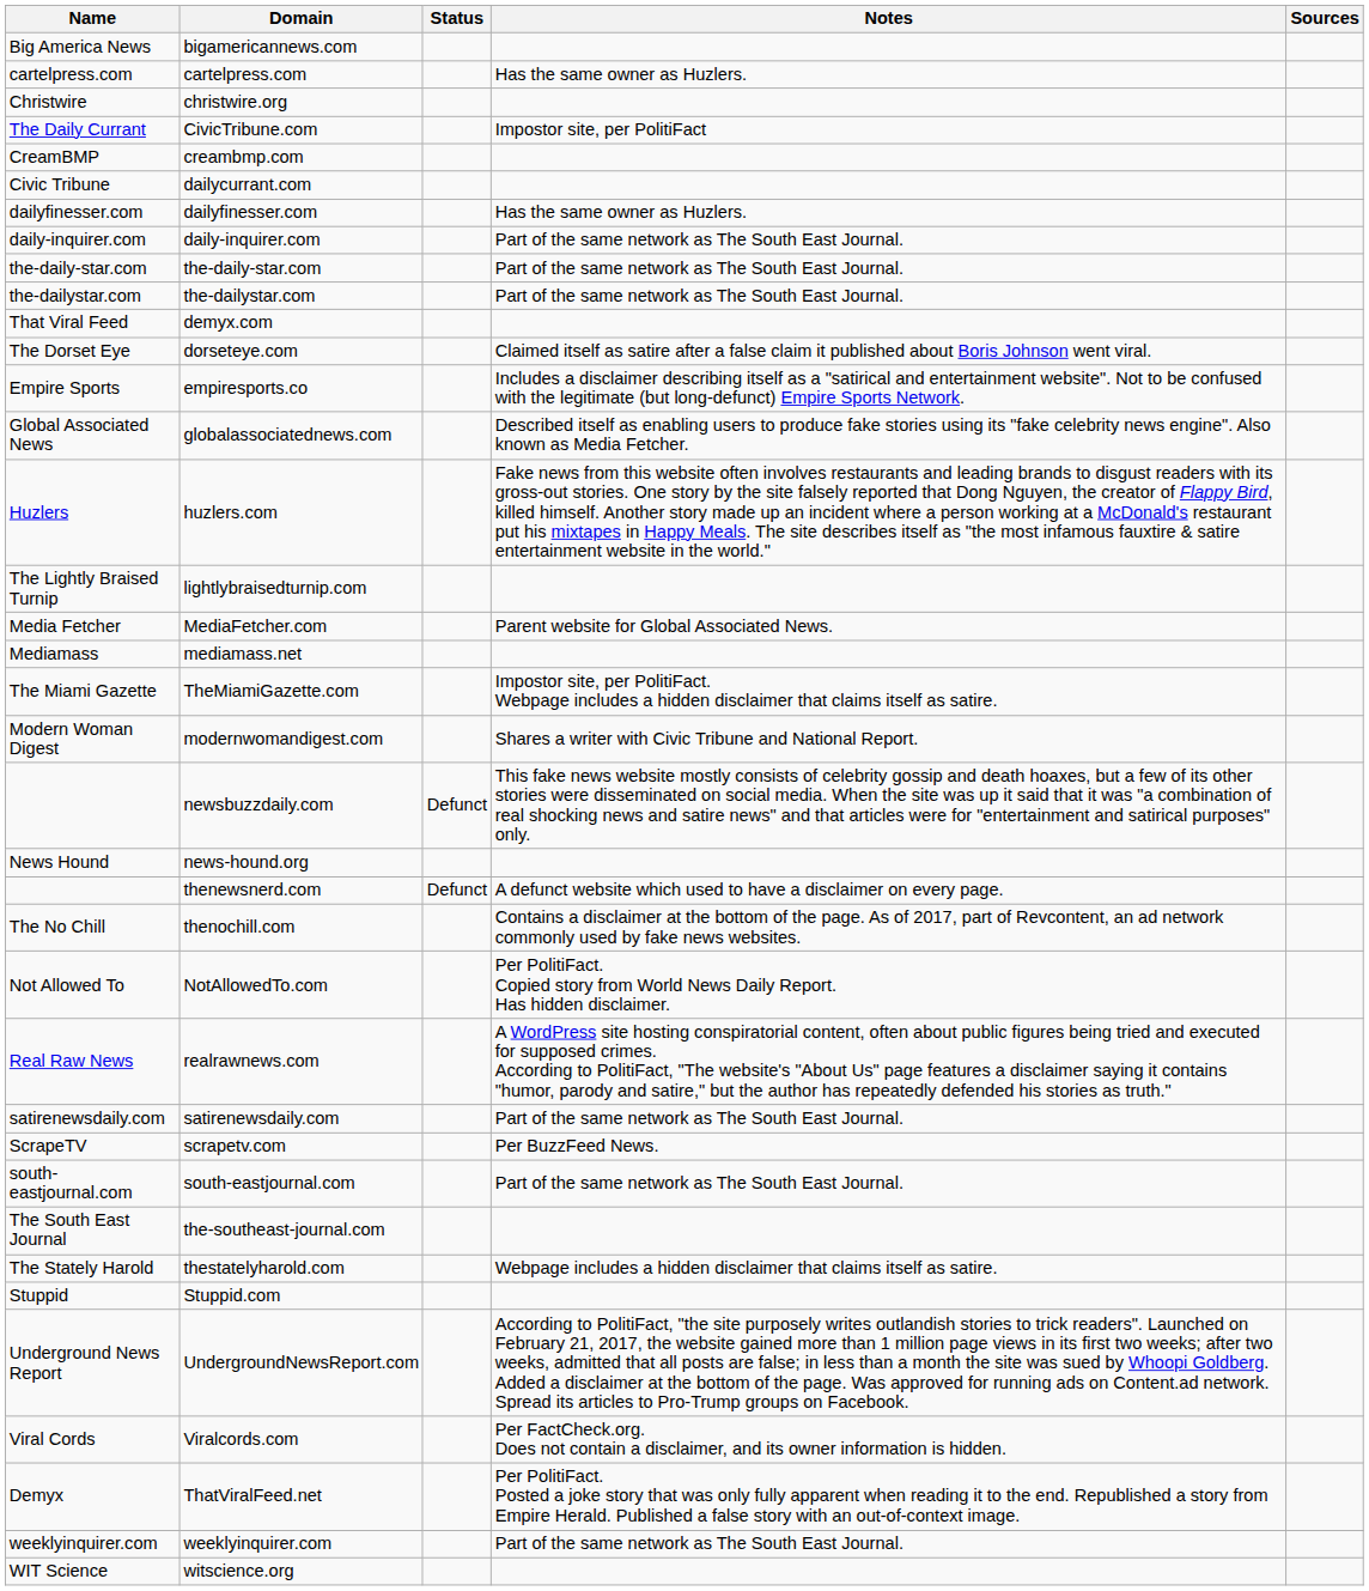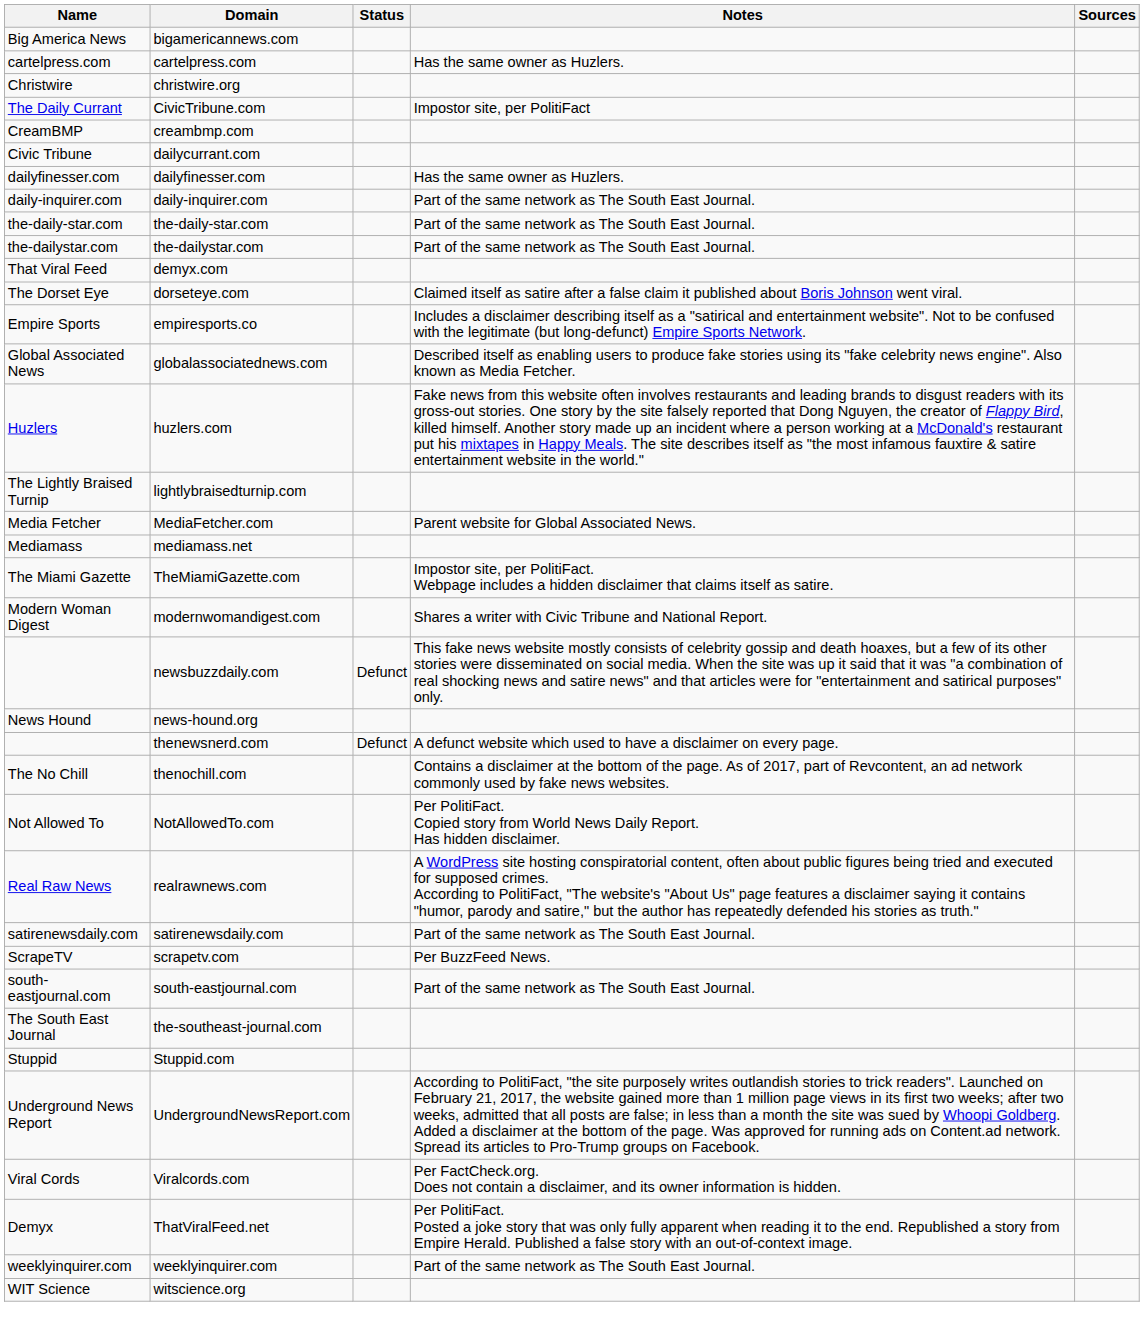 <table class="wikitable sortable mw-collapsible">
 <tr>
 <th>Name</th>
 <th>Domain</th>
 <th>Status</th>
 <th class="sortable">Notes</th>
 <th class="unsortable">Sources</th>
 </tr>
 <tr>
 <td>Big America News</td>
 <td>bigamericannews.com</td>
 <td></td>
 <td></td>
 <td></td>
 </tr>
 <tr>
 <td>cartelpress.com</td>
 <td>cartelpress.com</td>
 <td></td>
 <td>Has the same owner as Huzlers.</td>
 <td></td>
 </tr>
 <tr>
 <td>Christwire</td>
 <td>christwire.org</td>
 <td></td>
 <td></td>
 <td></td>
 </tr>
 <tr>
 <td><a href='#'>The Daily Currant</a></td>
 <td>CivicTribune.com</td>
 <td></td>
 <td>Impostor site, per PolitiFact</td>
 <td></td>
 </tr>
 <tr>
 <td>CreamBMP</td>
 <td>creambmp.com</td>
 <td></td>
 <td></td>
 <td></td>
 </tr>
 <tr>
 <td>Civic Tribune</td>
 <td>dailycurrant.com</td>
 <td></td>
 <td></td>
 <td></td>
 </tr>
 <tr>
 <td>dailyfinesser.com</td>
 <td>dailyfinesser.com</td>
 <td></td>
 <td>Has the same owner as Huzlers.</td>
 <td></td>
 </tr>
 <tr>
 <td>daily-inquirer.com</td>
 <td>daily-inquirer.com</td>
 <td></td>
 <td>Part of the same network as The South East Journal.</td>
 <td></td>
 </tr>
 <tr>
 <td>the-daily-star.com</td>
 <td>the-daily-star.com</td>
 <td></td>
 <td>Part of the same network as The South East Journal.</td>
 <td></td>
 </tr>
 <tr>
 <td>the-dailystar.com</td>
 <td>the-dailystar.com</td>
 <td></td>
 <td>Part of the same network as The South East Journal.</td>
 <td></td>
 </tr>
 <tr>
 <td>That Viral Feed</td>
 <td>demyx.com</td>
 <td></td>
 <td></td>
 <td></td>
 </tr>
 <tr>
 <td>The Dorset Eye</td>
 <td>dorseteye.com</td>
 <td></td>
 <td>Claimed itself as satire after a false claim it published about <a href='#'>Boris Johnson</a> went viral.</td>
 <td></td>
 </tr>
 <tr>
 <td>Empire Sports</td>
 <td>empiresports.co</td>
 <td></td>
 <td>Includes a disclaimer describing itself as a "satirical and entertainment website". Not to be confused with the legitimate (but long-defunct) <a href='#'>Empire Sports Network</a>.</td>
 <td></td>
 </tr>
 <tr>
 <td>Global Associated News</td>
 <td>globalassociatednews.com</td>
 <td></td>
 <td>Described itself as enabling users to produce fake stories using its "fake celebrity news engine". Also known as Media Fetcher.</td>
 <td></td>
 </tr>
 <tr>
 <td><a href='#'>Huzlers</a></td>
 <td>huzlers.com</td>
 <td></td>
 <td>Fake news from this website often involves restaurants and leading brands to disgust readers with its gross-out stories. One story by the site falsely reported that Dong Nguyen, the creator of <em><a href='#'>Flappy Bird</a></em>, killed himself. Another story made up an incident where a person working at a <a href='#'>McDonald's</a> restaurant put his <a href='#'>mixtapes</a> in <a href='#'>Happy Meals</a>. The site describes itself as "the most infamous fauxtire & satire entertainment website in the world."</td>
 <td></td>
 </tr>
 <tr>
 <td>The Lightly Braised Turnip</td>
 <td>lightlybraisedturnip.com</td>
 <td></td>
 <td></td>
 <td></td>
 </tr>
 <tr>
 <td>Media Fetcher</td>
 <td>MediaFetcher.com</td>
 <td></td>
 <td>Parent website for Global Associated News.</td>
 <td></td>
 </tr>
 <tr>
 <td>Mediamass</td>
 <td>mediamass.net</td>
 <td></td>
 <td></td>
 <td></td>
 </tr>
 <tr>
 <td>The Miami Gazette</td>
 <td>TheMiamiGazette.com</td>
 <td></td>
 <td>Impostor site, per PolitiFact.<br>Webpage includes a hidden disclaimer that claims itself as satire.</td>
 <td></td>
 </tr>
 <tr>
 <td>Modern Woman Digest</td>
 <td>modernwomandigest.com</td>
 <td></td>
 <td>Shares a writer with Civic Tribune and National Report.</td>
 <td></td>
 </tr>
 <tr>
 <td></td>
 <td>newsbuzzdaily.com</td>
 <td>Defunct</td>
 <td>This fake news website mostly consists of celebrity gossip and death hoaxes, but a few of its other stories were disseminated on social media. When the site was up it said that it was "a combination of real shocking news and satire news" and that articles were for "entertainment and satirical purposes" only.</td>
 <td></td>
 </tr>
 <tr>
 <td>News Hound</td>
 <td>news-hound.org</td>
 <td></td>
 <td></td>
 <td></td>
 </tr>
 <tr>
 <td></td>
 <td>thenewsnerd.com</td>
 <td>Defunct</td>
 <td>A defunct website which used to have a disclaimer on every page.</td>
 <td></td>
 </tr>
 <tr>
 <td>The No Chill</td>
 <td>thenochill.com</td>
 <td></td>
 <td>Contains a disclaimer at the bottom of the page. As of 2017, part of Revcontent, an ad network commonly used by fake news websites.</td>
 <td></td>
 </tr>
 <tr>
 <td>Not Allowed To</td>
 <td>NotAllowedTo.com</td>
 <td></td>
 <td>Per PolitiFact.<br>Copied story from World News Daily Report.<br>Has hidden disclaimer.</td>
 <td></td>
 </tr>
 <tr>
 <td><a href='#'>Real Raw News</a></td>
 <td>realrawnews.com</td>
 <td></td>
 <td>A <a href='#'>WordPress</a> site hosting conspiratorial content, often about public figures being tried and executed for supposed crimes.<br>According to PolitiFact, "The website's "About Us" page features a disclaimer saying it contains "humor, parody and satire," but the author has repeatedly defended his stories as truth."</td>
 <td></td>
 </tr>
 <tr>
 <td>satirenewsdaily.com</td>
 <td>satirenewsdaily.com</td>
 <td></td>
 <td>Part of the same network as The South East Journal.</td>
 <td></td>
 </tr>
 <tr>
 <td>ScrapeTV</td>
 <td>scrapetv.com</td>
 <td></td>
 <td>Per BuzzFeed News.</td>
 <td></td>
 </tr>
 <tr>
 <td>south-eastjournal.com</td>
 <td>south-eastjournal.com</td>
 <td></td>
 <td>Part of the same network as The South East Journal.</td>
 <td></td>
 </tr>
 <tr>
 <td>The South East Journal</td>
 <td>the-southeast-journal.com</td>
 <td></td>
 <td></td>
 <td></td>
 </tr>
 <tr>
-<td>The Stately Harold</td>
-<td>thestatelyharold.com</td>
-<td></td>
-<td>Webpage includes a hidden disclaimer that claims itself as satire.</td>
-<td></td>
-</tr>
-<tr>
 <td>Stuppid</td>
 <td>Stuppid.com</td>
 <td></td>
 <td></td>
 <td></td>
 </tr>
 <tr>
 <td>Underground News Report</td>
 <td>UndergroundNewsReport.com</td>
 <td></td>
 <td>According to PolitiFact, "the site purposely writes outlandish stories to trick readers". Launched on February 21, 2017, the website gained more than 1 million page views in its first two weeks; after two weeks, admitted that all posts are false; in less than a month the site was sued by <a href='#'>Whoopi Goldberg</a>.<br>Added a disclaimer at the bottom of the page. Was approved for running ads on Content.ad network. Spread its articles to Pro-Trump groups on Facebook.</td>
 <td></td>
 </tr>
 <tr>
 <td>Viral Cords</td>
 <td>Viralcords.com</td>
 <td></td>
 <td>Per FactCheck.org.<br>Does not contain a disclaimer, and its owner information is hidden.</td>
 <td></td>
 </tr>
 <tr>
 <td>Demyx</td>
 <td>ThatViralFeed.net</td>
 <td></td>
 <td>Per PolitiFact.<br>Posted a joke story that was only fully apparent when reading it to the end. Republished a story from Empire Herald. Published a false story with an out-of-context image.</td>
 <td></td>
 </tr>
 <tr>
 <td>weeklyinquirer.com</td>
 <td>weeklyinquirer.com</td>
 <td></td>
 <td>Part of the same network as The South East Journal.</td>
 <td></td>
 </tr>
 <tr>
 <td>WIT Science</td>
 <td>witscience.org</td>
 <td></td>
 <td></td>
 <td></td>
 </tr>
 </table>
